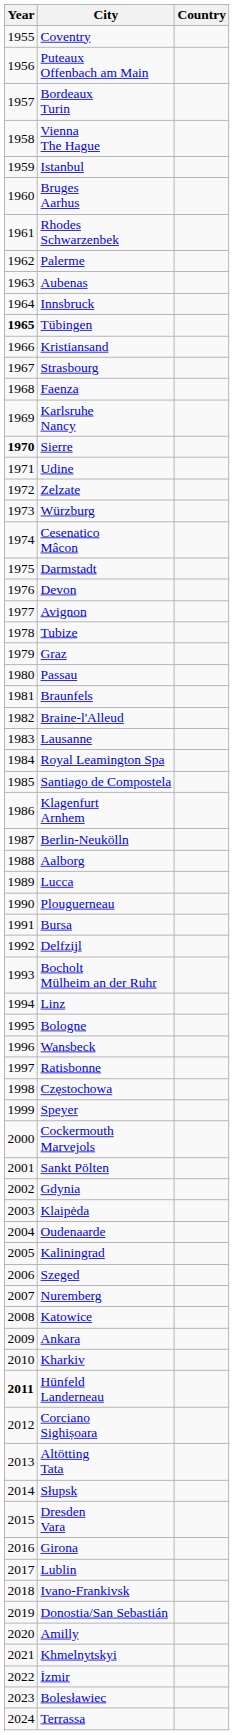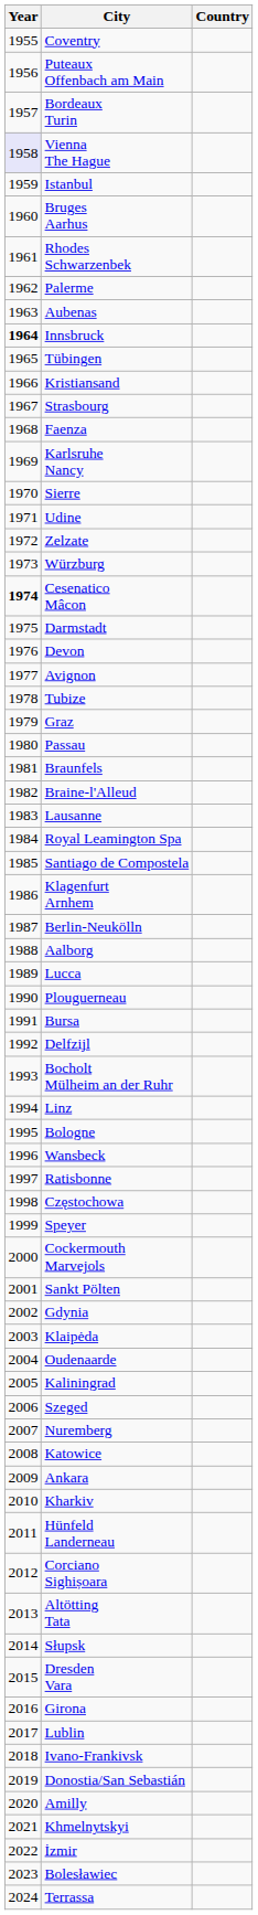 <table class="wikitable sortable">
 <tr>
 <th>Year</th>
 <th>City</th>
 <th>Country</th>
 </tr>
 <tr>
 <td>1955</td>
 <td><a href='#'>Coventry</a></td>
 <td></td>
 </tr>
 <tr>
 <td>1956</td>
 <td><a href='#'>Puteaux</a> <br> <a href='#'>Offenbach am Main</a></td>
 <td> <br> </td>
 </tr>
 <tr>
 <td>1957</td>
 <td><a href='#'>Bordeaux</a> <br> <a href='#'>Turin</a></td>
 <td> <br> </td>
 </tr>
 <tr>
-<td>1958</td>
+<td style="background: lavender;">1958</td>
 <td><a href='#'>Vienna</a> <br> <a href='#'>The Hague</a></td>
 <td> <br> </td>
 </tr>
 <tr>
 <td>1959</td>
 <td><a href='#'>Istanbul</a></td>
 <td></td>
 </tr>
 <tr>
 <td>1960</td>
 <td><a href='#'>Bruges</a> <br> <a href='#'>Aarhus</a></td>
 <td> <br> </td>
 </tr>
 <tr>
 <td>1961</td>
 <td><a href='#'>Rhodes</a> <br> <a href='#'>Schwarzenbek</a></td>
 <td> <br> </td>
 </tr>
 <tr>
 <td>1962</td>
 <td><a href='#'>Palerme</a></td>
 <td></td>
 </tr>
 <tr>
 <td>1963</td>
 <td><a href='#'>Aubenas</a></td>
 <td></td>
 </tr>
 <tr>
-<td>1964</td>
+<td><strong>1964</strong></td>
 <td><a href='#'>Innsbruck</a></td>
 <td></td>
 </tr>
 <tr>
-<td><strong>1965</strong></td>
+<td>1965</td>
 <td><a href='#'>Tübingen</a></td>
 <td></td>
 </tr>
 <tr>
 <td>1966</td>
 <td><a href='#'>Kristiansand</a></td>
 <td></td>
 </tr>
 <tr>
 <td>1967</td>
 <td><a href='#'>Strasbourg</a></td>
 <td></td>
 </tr>
 <tr>
 <td>1968</td>
 <td><a href='#'>Faenza</a></td>
 <td></td>
 </tr>
 <tr>
 <td>1969</td>
 <td><a href='#'>Karlsruhe</a> <br> <a href='#'>Nancy</a></td>
 <td><br> </td>
 </tr>
 <tr>
-<td><strong>1970</strong></td>
+<td>1970</td>
 <td><a href='#'>Sierre</a></td>
 <td></td>
 </tr>
 <tr>
 <td>1971</td>
 <td><a href='#'>Udine</a></td>
 <td></td>
 </tr>
 <tr>
 <td>1972</td>
 <td><a href='#'>Zelzate</a></td>
 <td></td>
 </tr>
 <tr>
 <td>1973</td>
 <td><a href='#'>Würzburg</a></td>
 <td></td>
 </tr>
 <tr>
-<td>1974</td>
+<td><strong>1974</strong></td>
 <td><a href='#'>Cesenatico</a> <br> <a href='#'>Mâcon</a></td>
 <td><br> </td>
 </tr>
 <tr>
 <td>1975</td>
 <td><a href='#'>Darmstadt</a></td>
 <td></td>
 </tr>
 <tr>
 <td>1976</td>
 <td><a href='#'>Devon</a></td>
 <td></td>
 </tr>
 <tr>
 <td>1977</td>
 <td><a href='#'>Avignon</a></td>
 <td></td>
 </tr>
 <tr>
 <td>1978</td>
 <td><a href='#'>Tubize</a></td>
 <td></td>
 </tr>
 <tr>
 <td>1979</td>
 <td><a href='#'>Graz</a></td>
 <td></td>
 </tr>
 <tr>
 <td>1980</td>
 <td><a href='#'>Passau</a></td>
 <td></td>
 </tr>
 <tr>
 <td>1981</td>
 <td><a href='#'>Braunfels</a></td>
 <td></td>
 </tr>
 <tr>
 <td>1982</td>
 <td><a href='#'>Braine-l'Alleud</a></td>
 <td></td>
 </tr>
 <tr>
 <td>1983</td>
 <td><a href='#'>Lausanne</a></td>
 <td></td>
 </tr>
 <tr>
 <td>1984</td>
 <td><a href='#'>Royal Leamington Spa</a></td>
 <td></td>
 </tr>
 <tr>
 <td>1985</td>
 <td><a href='#'>Santiago de Compostela</a></td>
 <td></td>
 </tr>
 <tr>
 <td>1986</td>
 <td><a href='#'>Klagenfurt</a> <br> <a href='#'>Arnhem</a></td>
 <td><br> </td>
 </tr>
 <tr>
 <td>1987</td>
 <td><a href='#'>Berlin-Neukölln</a></td>
 <td></td>
 </tr>
 <tr>
 <td>1988</td>
 <td><a href='#'>Aalborg</a></td>
 <td></td>
 </tr>
 <tr>
 <td>1989</td>
 <td><a href='#'>Lucca</a></td>
 <td></td>
 </tr>
 <tr>
 <td>1990</td>
 <td><a href='#'>Plouguerneau</a></td>
 <td></td>
 </tr>
 <tr>
 <td>1991</td>
 <td><a href='#'>Bursa</a></td>
 <td></td>
 </tr>
 <tr>
 <td>1992</td>
 <td><a href='#'>Delfzijl</a></td>
 <td></td>
 </tr>
 <tr>
 <td>1993</td>
 <td><a href='#'>Bocholt</a> <br> <a href='#'>Mülheim an der Ruhr</a></td>
 <td></td>
 </tr>
 <tr>
 <td>1994</td>
 <td><a href='#'>Linz</a></td>
 <td></td>
 </tr>
 <tr>
 <td>1995</td>
 <td><a href='#'>Bologne</a></td>
 <td></td>
 </tr>
 <tr>
 <td>1996</td>
 <td><a href='#'>Wansbeck</a></td>
 <td></td>
 </tr>
 <tr>
 <td>1997</td>
 <td><a href='#'>Ratisbonne</a></td>
 <td></td>
 </tr>
 <tr>
 <td>1998</td>
 <td><a href='#'>Częstochowa</a></td>
 <td></td>
 </tr>
 <tr>
 <td>1999</td>
 <td><a href='#'>Speyer</a></td>
 <td></td>
 </tr>
 <tr>
 <td>2000</td>
 <td><a href='#'>Cockermouth</a> <br> <a href='#'>Marvejols</a></td>
 <td> <br> </td>
 </tr>
 <tr>
 <td>2001</td>
 <td><a href='#'>Sankt Pölten</a></td>
 <td></td>
 </tr>
 <tr>
 <td>2002</td>
 <td><a href='#'>Gdynia</a></td>
 <td></td>
 </tr>
 <tr>
 <td>2003</td>
 <td><a href='#'>Klaipėda</a></td>
 <td></td>
 </tr>
 <tr>
 <td>2004</td>
 <td><a href='#'>Oudenaarde</a></td>
 <td></td>
 </tr>
 <tr>
 <td>2005</td>
 <td><a href='#'>Kaliningrad</a></td>
 <td></td>
 </tr>
 <tr>
 <td>2006</td>
 <td><a href='#'>Szeged</a></td>
 <td></td>
 </tr>
 <tr>
 <td>2007</td>
 <td><a href='#'>Nuremberg</a></td>
 <td></td>
 </tr>
 <tr>
 <td>2008</td>
 <td><a href='#'>Katowice</a></td>
 <td></td>
 </tr>
 <tr>
 <td>2009</td>
 <td><a href='#'>Ankara</a></td>
 <td></td>
 </tr>
 <tr>
 <td>2010</td>
 <td><a href='#'>Kharkiv</a></td>
 <td></td>
 </tr>
 <tr>
-<td><strong>2011</strong></td>
+<td>2011</td>
 <td><a href='#'>Hünfeld</a> <br> <a href='#'>Landerneau</a></td>
 <td><br> </td>
 </tr>
 <tr>
 <td>2012</td>
 <td><a href='#'>Corciano</a> <br> <a href='#'>Sighișoara</a></td>
 <td><br> </td>
 </tr>
 <tr>
 <td>2013</td>
 <td><a href='#'>Altötting</a> <br> <a href='#'>Tata</a></td>
 <td><br> </td>
 </tr>
 <tr>
 <td>2014</td>
 <td><a href='#'>Słupsk</a></td>
 <td></td>
 </tr>
 <tr>
 <td>2015</td>
 <td><a href='#'>Dresden</a> <br> <a href='#'>Vara</a></td>
 <td><br> </td>
 </tr>
 <tr>
 <td>2016</td>
 <td><a href='#'>Girona</a></td>
 <td></td>
 </tr>
 <tr>
 <td>2017</td>
 <td><a href='#'>Lublin</a></td>
 <td></td>
 </tr>
 <tr>
 <td>2018</td>
 <td><a href='#'>Ivano-Frankivsk</a></td>
 <td></td>
 </tr>
 <tr>
 <td>2019</td>
 <td><a href='#'>Donostia/San Sebastián</a></td>
 <td></td>
 </tr>
 <tr>
 <td>2020</td>
 <td><a href='#'>Amilly</a></td>
 <td></td>
 </tr>
 <tr>
 <td>2021</td>
 <td><a href='#'>Khmelnytskyi</a></td>
 <td></td>
 </tr>
 <tr>
 <td>2022</td>
 <td><a href='#'>İzmir</a></td>
 <td></td>
 </tr>
 <tr>
 <td>2023</td>
 <td><a href='#'>Bolesławiec</a></td>
 <td></td>
 </tr>
 <tr>
 <td>2024</td>
 <td><a href='#'>Terrassa</a></td>
 <td></td>
 </tr>
 </table>
